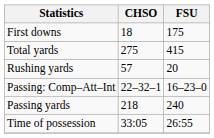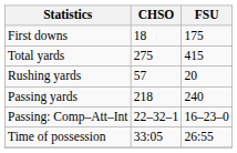 <table class="wikitable" style="float: left;">
 <tr>
 <th>Statistics</th>
 <th>CHSO</th>
 <th>FSU</th>
 </tr>
 <tr>
 <td>First downs</td>
 <td>18</td>
 <td>175</td>
 </tr>
 <tr>
 <td>Total yards</td>
 <td>275</td>
 <td>415</td>
 </tr>
 <tr>
 <td>Rushing yards</td>
 <td>57</td>
 <td>20</td>
 </tr>
 <tr>
+<td>Passing yards</td>
+<td>218</td>
+<td>240</td>
+</tr>
+<tr>
 <td>Passing: Comp–Att–Int</td>
 <td>22–32–1</td>
 <td>16–23–0</td>
-</tr>
-<tr>
-<td>Passing yards</td>
-<td>218</td>
-<td>240</td>
 </tr>
 <tr>
 <td>Time of possession</td>
 <td>33:05</td>
 <td>26:55</td>
 </tr>
 <tr>
 </tr>
 </table>
